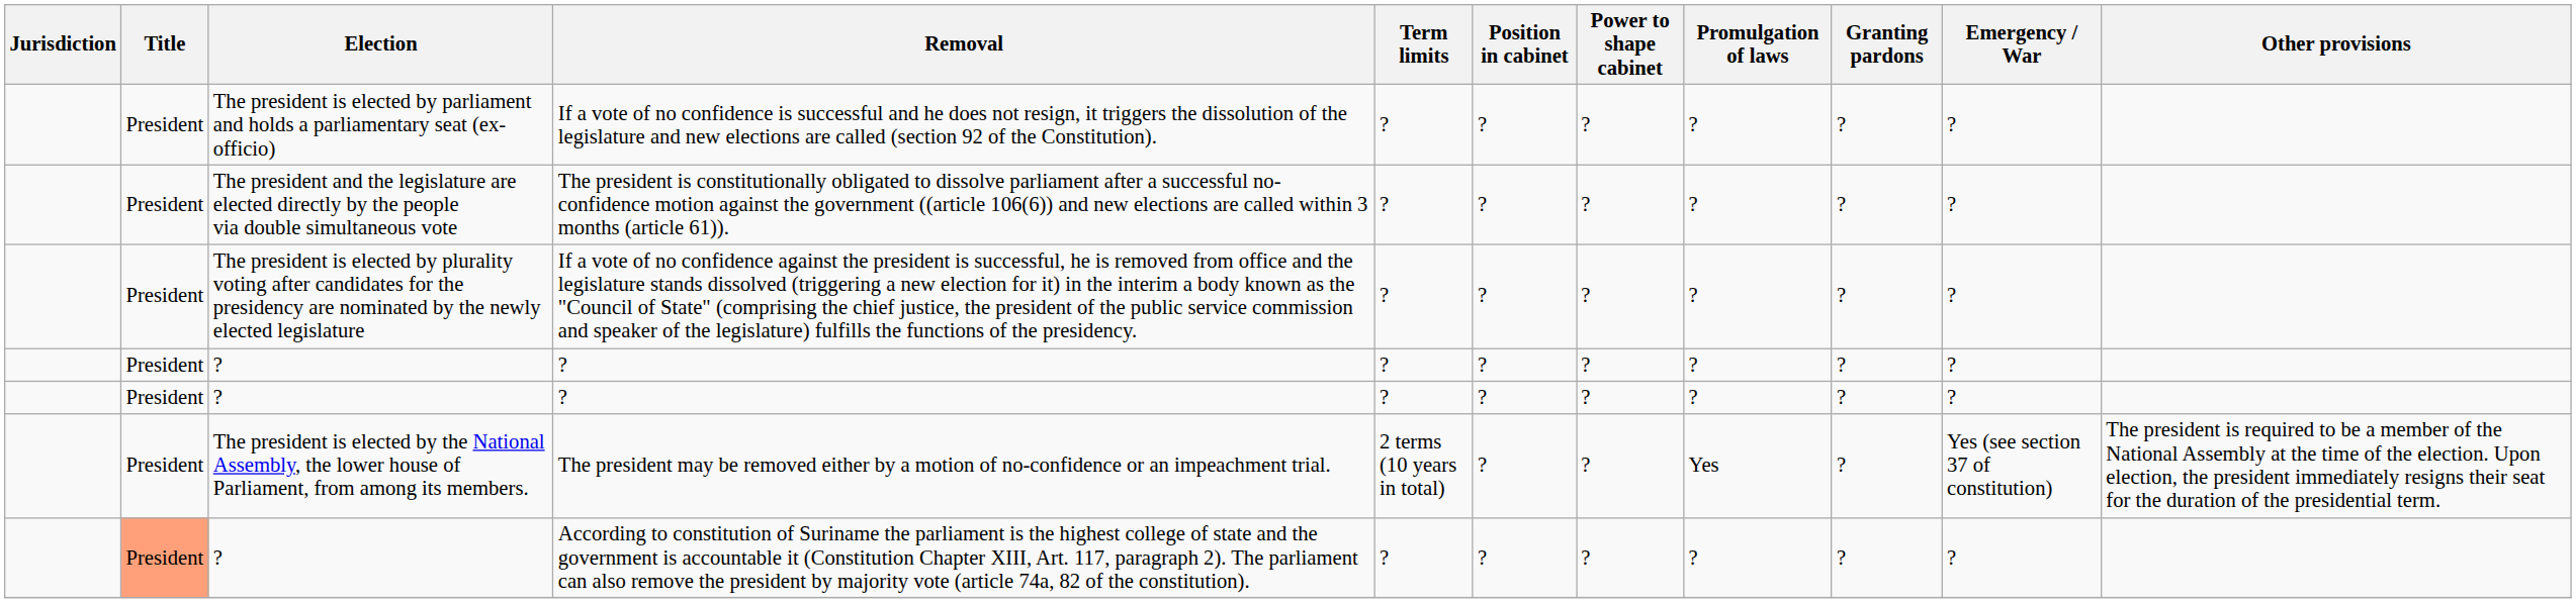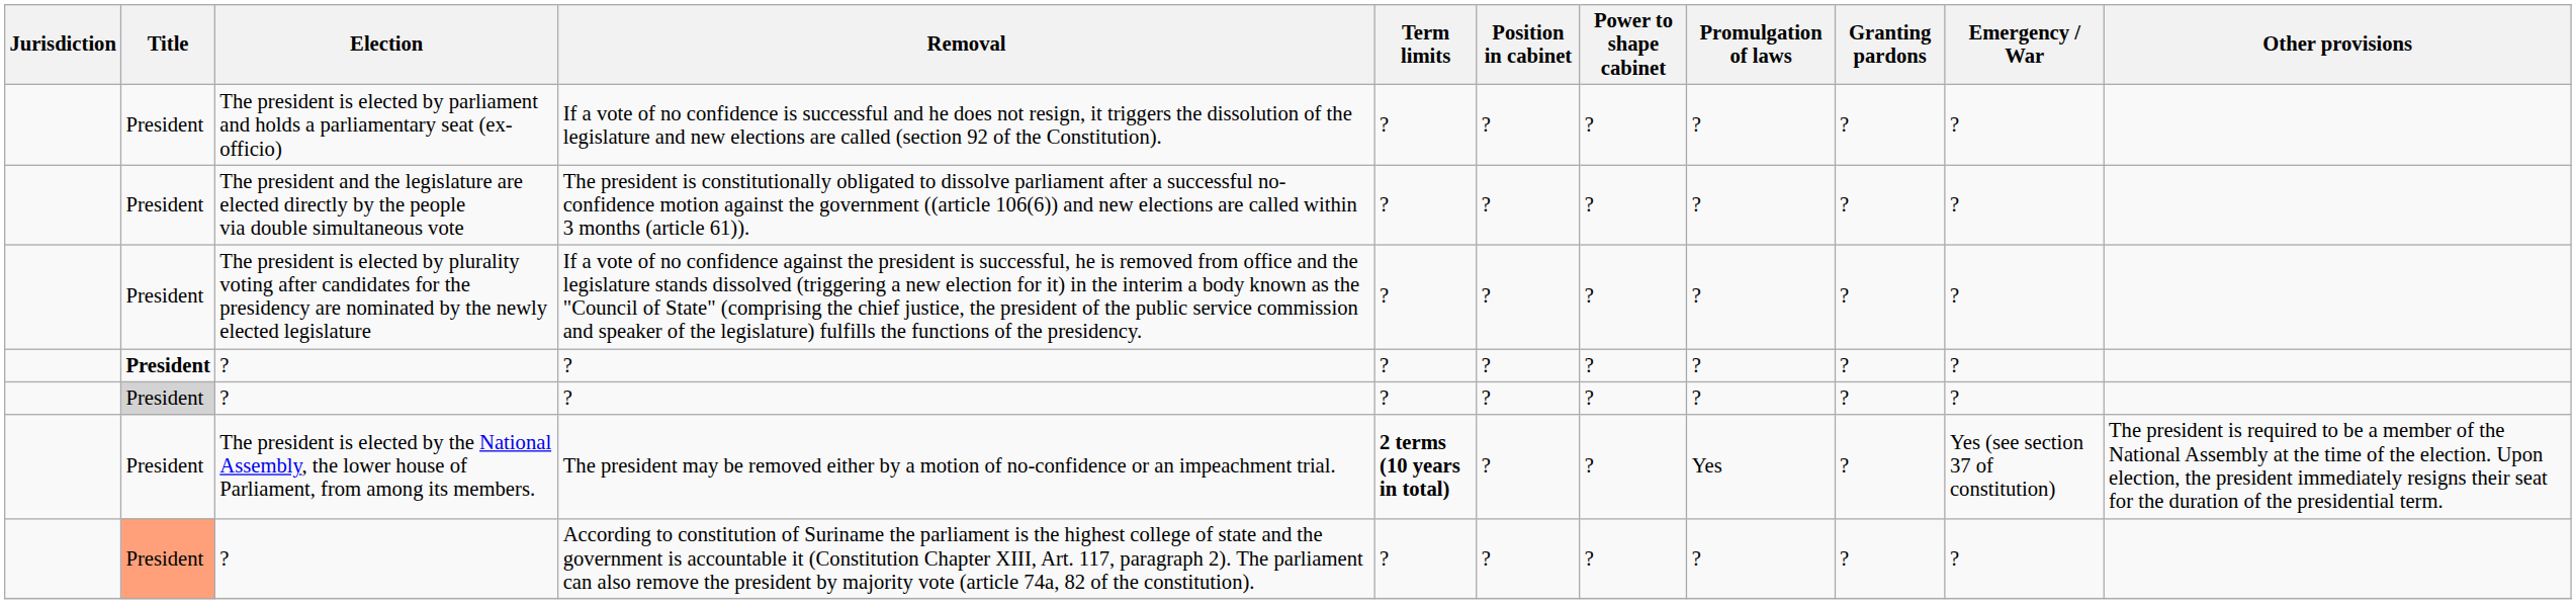 <table class="wikitable sortable">
 <tr>
 <th>Jurisdiction</th>
 <th>Title</th>
 <th>Election</th>
 <th>Removal</th>
 <th>Term limits</th>
 <th>Position in cabinet</th>
 <th>Power to shape cabinet</th>
 <th>Promulgation of laws</th>
 <th>Granting pardons</th>
 <th>Emergency / War</th>
 <th>Other provisions</th>
 </tr>
 <tr>
 <td></td>
 <td>President</td>
 <td>The president is elected by parliament and holds a parliamentary seat (ex-officio)</td>
 <td>If a vote of no confidence is successful and he does not resign, it triggers the dissolution of the legislature and new elections are called (section 92 of the Constitution).</td>
 <td>?</td>
 <td>?</td>
 <td>?</td>
 <td>?</td>
 <td>?</td>
 <td>?</td>
 <td></td>
 </tr>
 <tr>
 <td></td>
 <td>President</td>
 <td>The president and the legislature are elected directly by the people via double simultaneous vote</td>
 <td>The president is constitutionally obligated to dissolve parliament after a successful no-confidence motion against the government ((article 106(6)) and new elections are called within 3 months (article 61)).</td>
 <td>?</td>
 <td>?</td>
 <td>?</td>
 <td>?</td>
 <td>?</td>
 <td>?</td>
 <td></td>
 </tr>
 <tr>
 <td></td>
 <td>President</td>
 <td>The president is elected by plurality voting after candidates for the presidency are nominated by the newly elected legislature</td>
 <td>If a vote of no confidence against the president is successful, he is removed from office and the legislature stands dissolved (triggering a new election for it) in the interim a body known as the "Council of State" (comprising the chief justice, the president of the public service commission and speaker of the legislature) fulfills the functions of the presidency.</td>
 <td>?</td>
 <td>?</td>
 <td>?</td>
 <td>?</td>
 <td>?</td>
 <td>?</td>
 <td></td>
 </tr>
 <tr>
 <td></td>
-<td>President</td>
+<td><strong>President</strong></td>
 <td>?</td>
 <td>?</td>
 <td>?</td>
 <td>?</td>
 <td>?</td>
 <td>?</td>
 <td>?</td>
 <td>?</td>
 <td></td>
 </tr>
 <tr>
 <td></td>
-<td>President</td>
+<td style="background: lightgrey;">President</td>
 <td>?</td>
 <td>?</td>
 <td>?</td>
 <td>?</td>
 <td>?</td>
 <td>?</td>
 <td>?</td>
 <td>?</td>
 <td></td>
 </tr>
 <tr>
 <td></td>
 <td>President</td>
 <td>The president is elected by the <a href='#'>National Assembly</a>, the lower house of Parliament, from among its members.</td>
 <td>The president may be removed either by a motion of no-confidence or an impeachment trial.</td>
-<td>2 terms (10 years in total)</td>
+<td><strong>2 terms (10 years in total)</strong></td>
 <td>?</td>
 <td>?</td>
 <td>Yes</td>
 <td>?</td>
 <td>Yes (see section 37 of constitution)</td>
 <td>The president is required to be a member of the National Assembly at the time of the election. Upon election, the president immediately resigns their seat for the duration of the presidential term.</td>
 </tr>
 <tr>
 <td></td>
 <td style="background: lightsalmon;">President</td>
 <td>?</td>
 <td>According to constitution of Suriname the parliament is the highest college of state and the government is accountable it (Constitution Chapter XIII, Art. 117, paragraph 2). The parliament can also remove the president by majority vote (article 74a, 82 of the constitution).</td>
 <td>?</td>
 <td>?</td>
 <td>?</td>
 <td>?</td>
 <td>?</td>
 <td>?</td>
 <td></td>
 </tr>
 <tr>
 </tr>
 </table>
